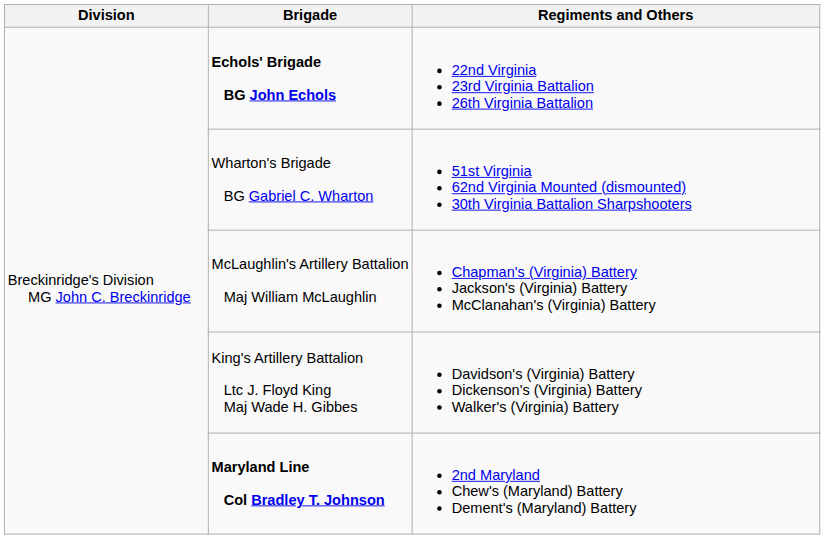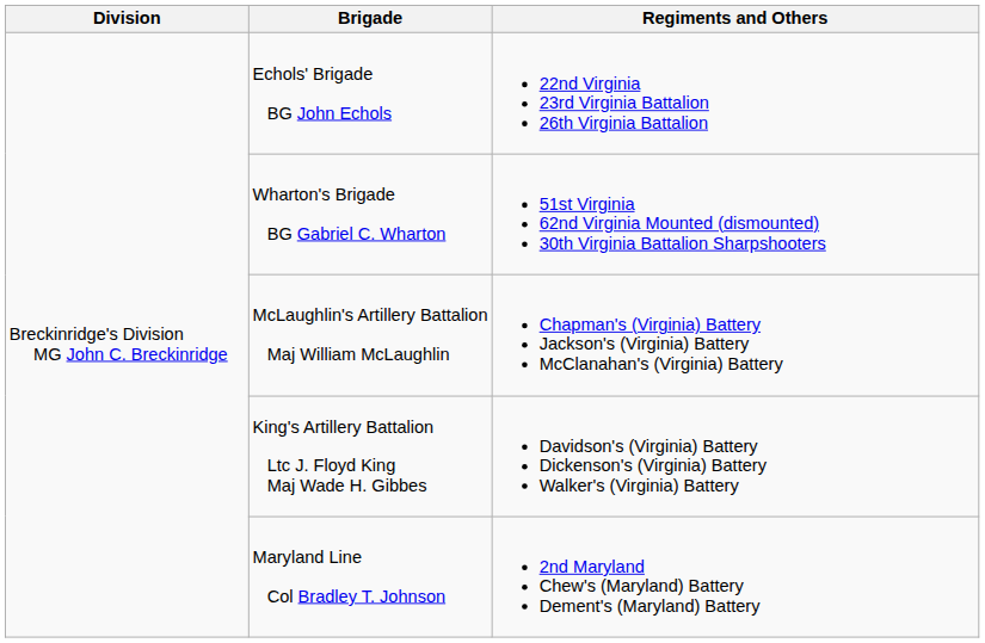 <table class="wikitable">
 <tr>
 <th width=25%>Division</th>
 <th width=25%>Brigade</th>
 <th>Regiments and Others</th>
 </tr>
 <tr>
 <td rowspan=5><br>Breckinridge's Division <br>     MG <a href='#'>John C. Breckinridge</a></td>
-<td><strong>Echols' Brigade<br><br>   BG <a href='#'>John Echols</a></strong></td>
+<td>Echols' Brigade<br><br>   BG <a href='#'>John Echols</a></td>
 <td><br><ul><li><a href='#'>22nd Virginia</a></li><li><a href='#'>23rd Virginia Battalion</a></li><li><a href='#'>26th Virginia Battalion</a></li></ul></td>
 </tr>
 <tr>
 <td>Wharton's Brigade<br><br>   BG <a href='#'>Gabriel C. Wharton</a></td>
 <td><br><ul><li><a href='#'>51st Virginia</a></li><li><a href='#'>62nd Virginia Mounted (dismounted)</a></li><li><a href='#'>30th Virginia Battalion Sharpshooters</a></li></ul></td>
 </tr>
 <tr>
 <td>McLaughlin's Artillery Battalion<br><br>   Maj William McLaughlin</td>
 <td><br><ul><li><a href='#'>Chapman's (Virginia) Battery</a></li><li>Jackson's (Virginia) Battery</li><li>McClanahan's (Virginia) Battery</li></ul></td>
 </tr>
 <tr>
 <td>King's Artillery Battalion<br><br>   Ltc J. Floyd King <br>   Maj Wade H. Gibbes</td>
 <td><br><ul><li>Davidson's (Virginia) Battery</li><li>Dickenson's (Virginia) Battery</li><li>Walker's (Virginia) Battery</li></ul></td>
 </tr>
 <tr>
-<td><strong>Maryland Line<br><br>   Col <a href='#'>Bradley T. Johnson</a></strong></td>
+<td>Maryland Line<br><br>   Col <a href='#'>Bradley T. Johnson</a></td>
 <td><br><ul><li><a href='#'>2nd Maryland</a></li><li>Chew's (Maryland) Battery</li><li>Dement's (Maryland) Battery</li></ul></td>
 </tr>
 </table>
